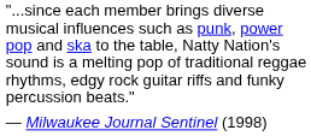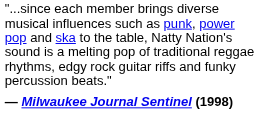 <table class="toccolours" style="float: left; margin-left: 0em; margin-right: 2em; font-size: 85%; background:offwhite; color:black; width:20em; max-width: 40%;" cellspacing="5">
 <tr>
 <td style="text-align: left;">"...since each member brings diverse musical influences such as <a href='#'>punk</a>, <a href='#'>power pop</a> and <a href='#'>ska</a> to the table, Natty Nation's sound is a melting pop of traditional reggae rhythms, edgy rock guitar riffs and funky percussion beats."</td>
 </tr>
 <tr>
-<td style="text-align: left;">— <em><a href='#'>Milwaukee Journal Sentinel</a></em> (1998)</td>
+<td style="text-align: left;"><strong>— <em><a href='#'>Milwaukee Journal Sentinel</a></em> (1998)</strong></td>
 </tr>
 </table>
